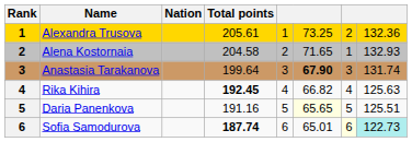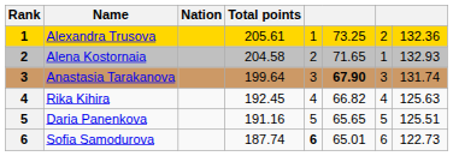 <table class="wikitable sortable">
 <tr>
 <th>Rank</th>
 <th>Name</th>
 <th>Nation</th>
 <th>Total points</th>
 <th colspan="2" width="80px"></th>
 <th colspan="2" width="80px"></th>
 </tr>
 <tr bgcolor="gold">
 <td align="center"><strong>1</strong></td>
 <td><a href='#'>Alexandra Trusova</a></td>
 <td></td>
 <td align="center">205.61</td>
 <td align="center">1</td>
 <td align="center">73.25</td>
 <td align="center">2</td>
 <td align="center">132.36</td>
 </tr>
 <tr bgcolor="silver">
 <td align="center"><strong>2</strong></td>
 <td><a href='#'>Alena Kostornaia</a></td>
 <td></td>
 <td align="center">204.58</td>
 <td align="center">2</td>
 <td align="center">71.65</td>
 <td align="center">1</td>
 <td align="center">132.93</td>
 </tr>
 <tr bgcolor="cc9966">
 <td align="center"><strong>3</strong></td>
 <td><a href='#'>Anastasia Tarakanova</a></td>
 <td></td>
 <td align="center">199.64</td>
 <td align="center">3</td>
 <td align="center"><strong>67.90</strong></td>
 <td align="center">3</td>
 <td align="center">131.74</td>
 </tr>
 <tr>
 <th>4</th>
 <td><a href='#'>Rika Kihira</a></td>
 <td></td>
-<td align="center"><strong>192.45</strong></td>
+<td align="center">192.45</td>
 <td align="center">4</td>
 <td align="center">66.82</td>
 <td align="center">4</td>
 <td align="center">125.63</td>
 </tr>
 <tr>
 <th>5</th>
 <td><a href='#'>Daria Panenkova</a></td>
 <td></td>
 <td align="center">191.16</td>
 <td align="center">5</td>
-<td align="center" style="background: lightyellow;">65.65</td>
+<td align="center">65.65</td>
 <td align="center">5</td>
 <td align="center">125.51</td>
 </tr>
 <tr>
 <th>6</th>
 <td><a href='#'>Sofia Samodurova</a></td>
 <td></td>
-<td align="center"><strong>187.74</strong></td>
+<td align="center">187.74</td>
+<td align="center"><strong>6</strong></td>
+<td align="center">65.01</td>
 <td align="center">6</td>
-<td align="center">65.01</td>
-<td align="center" style="background: lightyellow;">6</td>
-<td align="center" style="background: paleturquoise;">122.73</td>
+<td align="center">122.73</td>
 </tr>
 </table>
